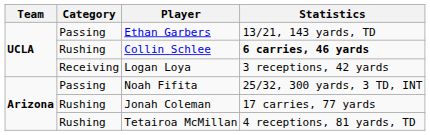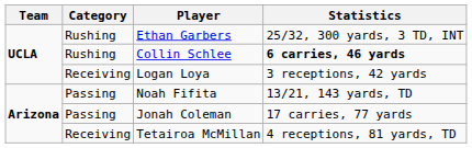 <table class="wikitable" style="float: right;">
 <tr>
 <th>Team</th>
 <th>Category</th>
 <th>Player</th>
 <th>Statistics</th>
 </tr>
 <tr>
 <td rowspan=3><strong>UCLA</strong></td>
-<td>Passing</td>
+<td>Rushing</td>
 <td><a href='#'>Ethan Garbers</a></td>
-<td>13/21, 143 yards, TD</td>
+<td>25/32, 300 yards, 3 TD, INT</td>
 </tr>
 <tr>
 <td>Rushing</td>
 <td><a href='#'>Collin Schlee</a></td>
 <td><strong>6 carries, 46 yards</strong></td>
 </tr>
 <tr>
 <td>Receiving</td>
 <td>Logan Loya</td>
 <td>3 receptions, 42 yards</td>
 </tr>
 <tr>
 <td rowspan=3><strong>Arizona</strong></td>
 <td>Passing</td>
 <td>Noah Fifita</td>
-<td>25/32, 300 yards, 3 TD, INT</td>
+<td>13/21, 143 yards, TD</td>
 </tr>
 <tr>
-<td>Rushing</td>
+<td>Passing</td>
 <td>Jonah Coleman</td>
 <td>17 carries, 77 yards</td>
 </tr>
 <tr>
-<td>Rushing</td>
+<td>Receiving</td>
 <td>Tetairoa McMillan</td>
 <td>4 receptions, 81 yards, TD</td>
 </tr>
 </table>
